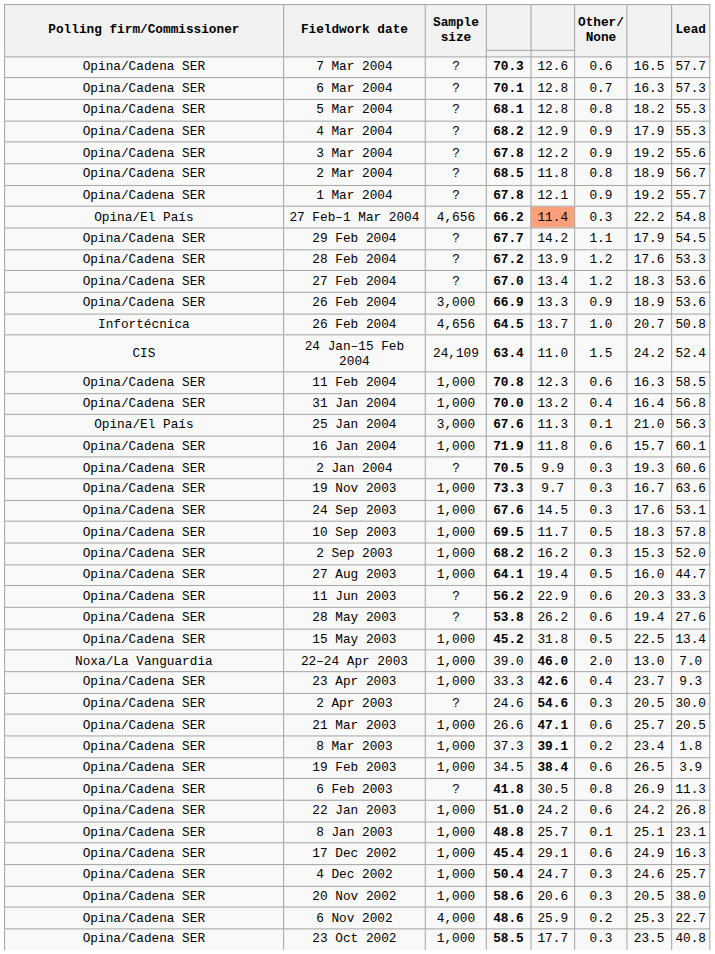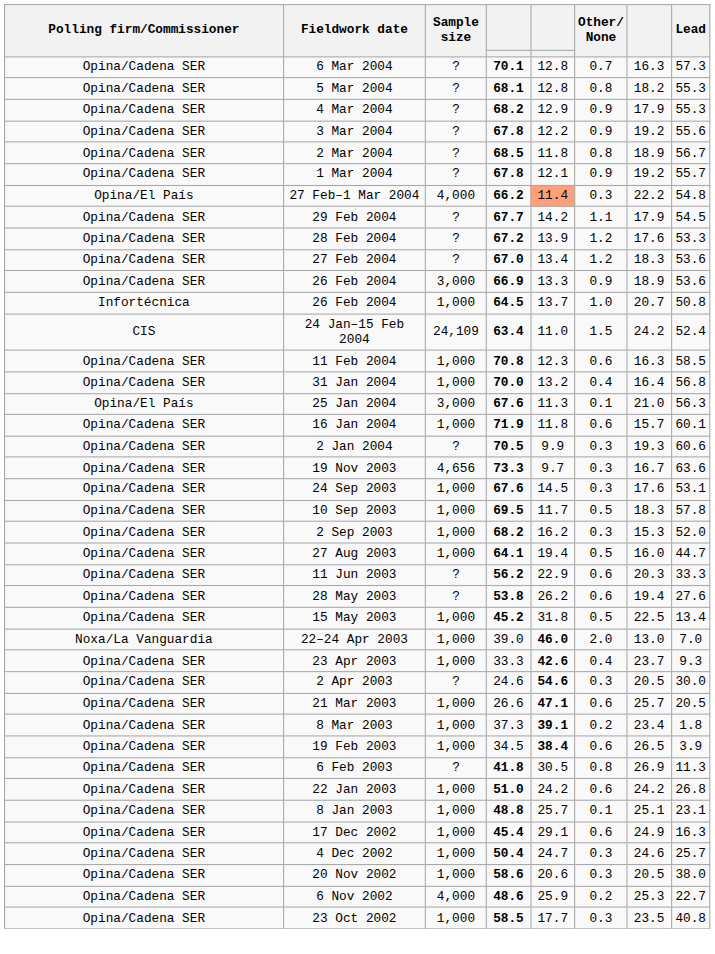 <table class="wikitable collapsible collapsed" style="text-align:center; font-size:90%; line-height:14px;">
 <tr style="height:42px;">
 <th style="width:250px;" rowspan="2">Polling firm/Commissioner</th>
 <th style="width:125px;" rowspan="2">Fieldwork date</th>
 <th style="width:50px;" rowspan="2">Sample size</th>
 <th style="width:35px;"></th>
 <th style="width:35px;"></th>
 <th style="width:35px;" rowspan="2">Other/<br>None</th>
 <th style="width:35px;" rowspan="2"></th>
 <th style="width:30px;" rowspan="2">Lead</th>
 </tr>
 <tr>
 <th style="color:inherit;background:"></th>
 <th style="color:inherit;background:"></th>
-</tr>
-<tr>
-<td>Opina/Cadena SER</td>
-<td>7 Mar 2004</td>
-<td>?</td>
-<td><strong>70.3</strong></td>
-<td>12.6</td>
-<td>0.6</td>
-<td>16.5</td>
-<td style="background:">57.7</td>
 </tr>
 <tr>
 <td>Opina/Cadena SER</td>
 <td>6 Mar 2004</td>
 <td>?</td>
 <td><strong>70.1</strong></td>
 <td>12.8</td>
 <td>0.7</td>
 <td>16.3</td>
 <td style="background:">57.3</td>
 </tr>
 <tr>
 <td>Opina/Cadena SER</td>
 <td>5 Mar 2004</td>
 <td>?</td>
 <td><strong>68.1</strong></td>
 <td>12.8</td>
 <td>0.8</td>
 <td>18.2</td>
 <td style="background:">55.3</td>
 </tr>
 <tr>
 <td>Opina/Cadena SER</td>
 <td>4 Mar 2004</td>
 <td>?</td>
 <td><strong>68.2</strong></td>
 <td>12.9</td>
 <td>0.9</td>
 <td>17.9</td>
 <td style="background:">55.3</td>
 </tr>
 <tr>
 <td>Opina/Cadena SER</td>
 <td>3 Mar 2004</td>
 <td>?</td>
 <td><strong>67.8</strong></td>
 <td>12.2</td>
 <td>0.9</td>
 <td>19.2</td>
 <td style="background:">55.6</td>
 </tr>
 <tr>
 <td>Opina/Cadena SER</td>
 <td>2 Mar 2004</td>
 <td>?</td>
 <td><strong>68.5</strong></td>
 <td>11.8</td>
 <td>0.8</td>
 <td>18.9</td>
 <td style="background:">56.7</td>
 </tr>
 <tr>
 <td>Opina/Cadena SER</td>
 <td>1 Mar 2004</td>
 <td>?</td>
 <td><strong>67.8</strong></td>
 <td>12.1</td>
 <td>0.9</td>
 <td>19.2</td>
 <td style="background:">55.7</td>
 </tr>
 <tr>
 <td>Opina/El País</td>
 <td>27 Feb–1 Mar 2004</td>
-<td>4,656</td>
+<td>4,000</td>
 <td><strong>66.2</strong></td>
 <td style="background: lightsalmon;">11.4</td>
 <td>0.3</td>
 <td>22.2</td>
 <td style="background:">54.8</td>
 </tr>
 <tr>
 <td>Opina/Cadena SER</td>
 <td>29 Feb 2004</td>
 <td>?</td>
 <td><strong>67.7</strong></td>
 <td>14.2</td>
 <td>1.1</td>
 <td>17.9</td>
 <td style="background:">54.5</td>
 </tr>
 <tr>
 <td>Opina/Cadena SER</td>
 <td>28 Feb 2004</td>
 <td>?</td>
 <td><strong>67.2</strong></td>
 <td>13.9</td>
 <td>1.2</td>
 <td>17.6</td>
 <td style="background:">53.3</td>
 </tr>
 <tr>
 <td>Opina/Cadena SER</td>
 <td>27 Feb 2004</td>
 <td>?</td>
 <td><strong>67.0</strong></td>
 <td>13.4</td>
 <td>1.2</td>
 <td>18.3</td>
 <td style="background:">53.6</td>
 </tr>
 <tr>
 <td>Opina/Cadena SER</td>
 <td>26 Feb 2004</td>
 <td>3,000</td>
 <td><strong>66.9</strong></td>
 <td>13.3</td>
 <td>0.9</td>
 <td>18.9</td>
 <td style="background:">53.6</td>
 </tr>
 <tr>
 <td>Infortécnica</td>
 <td>26 Feb 2004</td>
-<td>4,656</td>
+<td>1,000</td>
 <td><strong>64.5</strong></td>
 <td>13.7</td>
 <td>1.0</td>
 <td>20.7</td>
 <td style="background:">50.8</td>
 </tr>
 <tr>
 <td>CIS</td>
 <td>24 Jan–15 Feb 2004</td>
 <td>24,109</td>
 <td><strong>63.4</strong></td>
 <td>11.0</td>
 <td>1.5</td>
 <td>24.2</td>
 <td style="background:">52.4</td>
 </tr>
 <tr>
 <td>Opina/Cadena SER</td>
 <td>11 Feb 2004</td>
 <td>1,000</td>
 <td><strong>70.8</strong></td>
 <td>12.3</td>
 <td>0.6</td>
 <td>16.3</td>
 <td style="background:">58.5</td>
 </tr>
 <tr>
 <td>Opina/Cadena SER</td>
 <td>31 Jan 2004</td>
 <td>1,000</td>
 <td><strong>70.0</strong></td>
 <td>13.2</td>
 <td>0.4</td>
 <td>16.4</td>
 <td style="background:">56.8</td>
 </tr>
 <tr>
 <td>Opina/El País</td>
 <td>25 Jan 2004</td>
 <td>3,000</td>
 <td><strong>67.6</strong></td>
 <td>11.3</td>
 <td>0.1</td>
 <td>21.0</td>
 <td style="background:">56.3</td>
 </tr>
 <tr>
 <td>Opina/Cadena SER</td>
 <td>16 Jan 2004</td>
 <td>1,000</td>
 <td><strong>71.9</strong></td>
 <td>11.8</td>
 <td>0.6</td>
 <td>15.7</td>
 <td style="background:">60.1</td>
 </tr>
 <tr>
 <td>Opina/Cadena SER</td>
 <td>2 Jan 2004</td>
 <td>?</td>
 <td><strong>70.5</strong></td>
 <td>9.9</td>
 <td>0.3</td>
 <td>19.3</td>
 <td style="background:">60.6</td>
 </tr>
 <tr>
 <td>Opina/Cadena SER</td>
 <td>19 Nov 2003</td>
-<td>1,000</td>
+<td>4,656</td>
 <td><strong>73.3</strong></td>
 <td>9.7</td>
 <td>0.3</td>
 <td>16.7</td>
 <td style="background:">63.6</td>
 </tr>
 <tr>
 <td>Opina/Cadena SER</td>
 <td>24 Sep 2003</td>
 <td>1,000</td>
 <td><strong>67.6</strong></td>
 <td>14.5</td>
 <td>0.3</td>
 <td>17.6</td>
 <td style="background:">53.1</td>
 </tr>
 <tr>
 <td>Opina/Cadena SER</td>
 <td>10 Sep 2003</td>
 <td>1,000</td>
 <td><strong>69.5</strong></td>
 <td>11.7</td>
 <td>0.5</td>
 <td>18.3</td>
 <td style="background:">57.8</td>
 </tr>
 <tr>
 <td>Opina/Cadena SER</td>
 <td>2 Sep 2003</td>
 <td>1,000</td>
 <td><strong>68.2</strong></td>
 <td>16.2</td>
 <td>0.3</td>
 <td>15.3</td>
 <td style="background:">52.0</td>
 </tr>
 <tr>
 <td>Opina/Cadena SER</td>
 <td>27 Aug 2003</td>
 <td>1,000</td>
 <td><strong>64.1</strong></td>
 <td>19.4</td>
 <td>0.5</td>
 <td>16.0</td>
 <td style="background:">44.7</td>
 </tr>
 <tr>
 <td>Opina/Cadena SER</td>
 <td>11 Jun 2003</td>
 <td>?</td>
 <td><strong>56.2</strong></td>
 <td>22.9</td>
 <td>0.6</td>
 <td>20.3</td>
 <td style="background:">33.3</td>
 </tr>
 <tr>
 <td>Opina/Cadena SER</td>
 <td>28 May 2003</td>
 <td>?</td>
 <td><strong>53.8</strong></td>
 <td>26.2</td>
 <td>0.6</td>
 <td>19.4</td>
 <td style="background:">27.6</td>
 </tr>
 <tr>
 <td>Opina/Cadena SER</td>
 <td>15 May 2003</td>
 <td>1,000</td>
 <td><strong>45.2</strong></td>
 <td>31.8</td>
 <td>0.5</td>
 <td>22.5</td>
 <td style="background:">13.4</td>
 </tr>
 <tr>
 <td>Noxa/La Vanguardia</td>
 <td>22–24 Apr 2003</td>
 <td>1,000</td>
 <td>39.0</td>
 <td><strong>46.0</strong></td>
 <td>2.0</td>
 <td>13.0</td>
 <td style="background:">7.0</td>
 </tr>
 <tr>
 <td>Opina/Cadena SER</td>
 <td>23 Apr 2003</td>
 <td>1,000</td>
 <td>33.3</td>
 <td><strong>42.6</strong></td>
 <td>0.4</td>
 <td>23.7</td>
 <td style="background:">9.3</td>
 </tr>
 <tr>
 <td>Opina/Cadena SER</td>
 <td>2 Apr 2003</td>
 <td>?</td>
 <td>24.6</td>
 <td><strong>54.6</strong></td>
 <td>0.3</td>
 <td>20.5</td>
 <td style="background:">30.0</td>
 </tr>
 <tr>
 <td>Opina/Cadena SER</td>
 <td>21 Mar 2003</td>
 <td>1,000</td>
 <td>26.6</td>
 <td><strong>47.1</strong></td>
 <td>0.6</td>
 <td>25.7</td>
 <td style="background:">20.5</td>
 </tr>
 <tr>
 <td>Opina/Cadena SER</td>
 <td>8 Mar 2003</td>
 <td>1,000</td>
 <td>37.3</td>
 <td><strong>39.1</strong></td>
 <td>0.2</td>
 <td>23.4</td>
 <td style="background:">1.8</td>
 </tr>
 <tr>
 <td>Opina/Cadena SER</td>
 <td>19 Feb 2003</td>
 <td>1,000</td>
 <td>34.5</td>
 <td><strong>38.4</strong></td>
 <td>0.6</td>
 <td>26.5</td>
 <td style="background:">3.9</td>
 </tr>
 <tr>
 <td>Opina/Cadena SER</td>
 <td>6 Feb 2003</td>
 <td>?</td>
 <td><strong>41.8</strong></td>
 <td>30.5</td>
 <td>0.8</td>
 <td>26.9</td>
 <td style="background:">11.3</td>
 </tr>
 <tr>
 <td>Opina/Cadena SER</td>
 <td>22 Jan 2003</td>
 <td>1,000</td>
 <td><strong>51.0</strong></td>
 <td>24.2</td>
 <td>0.6</td>
 <td>24.2</td>
 <td style="background:">26.8</td>
 </tr>
 <tr>
 <td>Opina/Cadena SER</td>
 <td>8 Jan 2003</td>
 <td>1,000</td>
 <td><strong>48.8</strong></td>
 <td>25.7</td>
 <td>0.1</td>
 <td>25.1</td>
 <td style="background:">23.1</td>
 </tr>
 <tr>
 <td>Opina/Cadena SER</td>
 <td>17 Dec 2002</td>
 <td>1,000</td>
 <td><strong>45.4</strong></td>
 <td>29.1</td>
 <td>0.6</td>
 <td>24.9</td>
 <td style="background:">16.3</td>
 </tr>
 <tr>
 <td>Opina/Cadena SER</td>
 <td>4 Dec 2002</td>
 <td>1,000</td>
 <td><strong>50.4</strong></td>
 <td>24.7</td>
 <td>0.3</td>
 <td>24.6</td>
 <td style="background:">25.7</td>
 </tr>
 <tr>
 <td>Opina/Cadena SER</td>
 <td>20 Nov 2002</td>
 <td>1,000</td>
 <td><strong>58.6</strong></td>
 <td>20.6</td>
 <td>0.3</td>
 <td>20.5</td>
 <td style="background:">38.0</td>
 </tr>
 <tr>
 <td>Opina/Cadena SER</td>
 <td>6 Nov 2002</td>
 <td>4,000</td>
 <td><strong>48.6</strong></td>
 <td>25.9</td>
 <td>0.2</td>
 <td>25.3</td>
 <td style="background:">22.7</td>
 </tr>
 <tr>
 <td>Opina/Cadena SER</td>
 <td>23 Oct 2002</td>
 <td>1,000</td>
 <td><strong>58.5</strong></td>
 <td>17.7</td>
 <td>0.3</td>
 <td>23.5</td>
 <td style="background:">40.8</td>
 </tr>
 </table>
